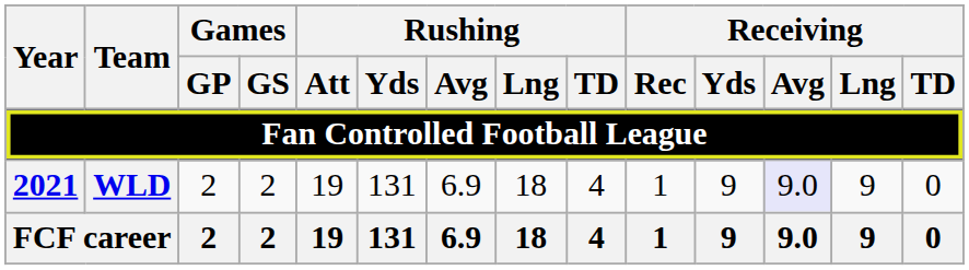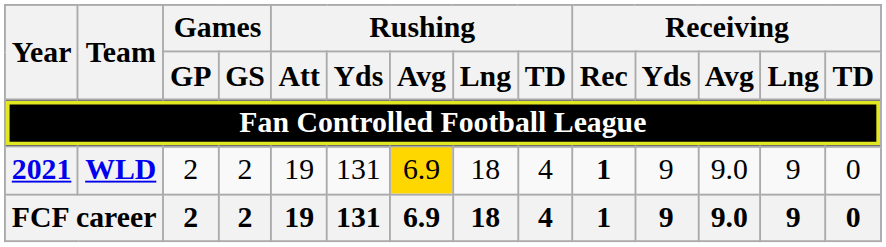 <table class="wikitable" style="text-align: center;">
 <tr>
 <th rowspan="2">Year</th>
 <th rowspan="2">Team</th>
 <th colspan="2">Games</th>
 <th colspan="5">Rushing</th>
 <th colspan="5">Receiving</th>
 </tr>
 <tr>
 <th>GP</th>
 <th>GS</th>
 <th>Att</th>
 <th>Yds</th>
 <th>Avg</th>
 <th>Lng</th>
 <th>TD</th>
 <th>Rec</th>
 <th>Yds</th>
 <th>Avg</th>
 <th>Lng</th>
 <th>TD</th>
 </tr>
 <tr>
 <th colspan="14" style="background-color: black; color: white; box-shadow: inset 2px 2px 0 #e1e720, inset -2px -2px 0 #e1e720;">Fan Controlled Football League</th>
 </tr>
 <tr>
 <th><a href='#'>2021</a></th>
 <th><a href='#'>WLD</a></th>
 <td>2</td>
 <td>2</td>
 <td>19</td>
 <td>131</td>
-<td>6.9</td>
+<td style="background: gold;">6.9</td>
 <td>18</td>
 <td>4</td>
-<td>1</td>
+<td><strong>1</strong></td>
 <td>9</td>
-<td style="background: lavender;">9.0</td>
+<td>9.0</td>
 <td>9</td>
 <td>0</td>
 </tr>
 <tr>
 <th colspan="2">FCF career</th>
 <th>2</th>
 <th>2</th>
 <th>19</th>
 <th>131</th>
 <th>6.9</th>
 <th>18</th>
 <th>4</th>
 <th>1</th>
 <th>9</th>
 <th>9.0</th>
 <th>9</th>
 <th>0</th>
 </tr>
 </table>
